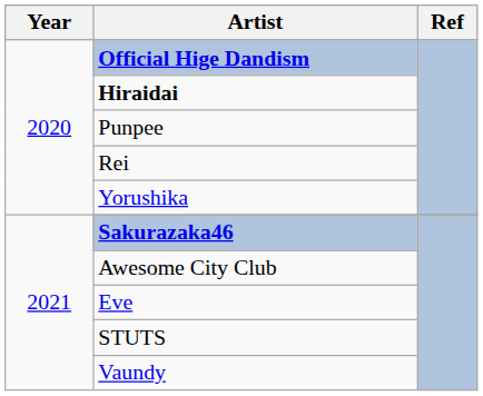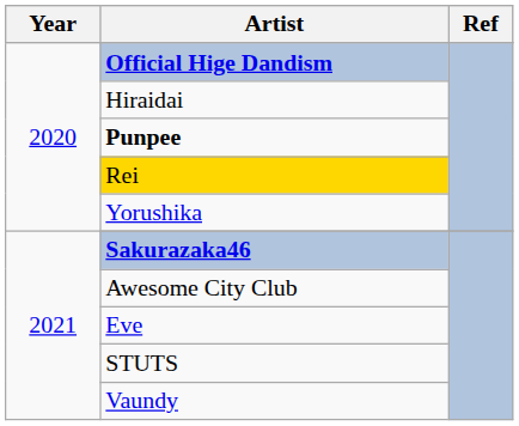 <table class="wikitable" style="width:55%;">
 <tr style="background:#bebebe;">
 <th style="width:10%;">Year</th>
 <th style="width:40%;">Artist</th>
 <th style="width:5%;">Ref</th>
 </tr>
 <tr>
 <td rowspan="6" align="center"><a href='#'>2020</a></td>
 </tr>
 <tr style="background:#B0C4DE">
 <td><strong><a href='#'>Official Hige Dandism</a></strong></td>
 <td rowspan="5" align="center"></td>
 </tr>
 <tr>
-<td><strong>Hiraidai</strong></td>
+<td>Hiraidai</td>
 </tr>
 <tr>
-<td>Punpee</td>
+<td><strong>Punpee</strong></td>
 </tr>
 <tr>
-<td>Rei</td>
+<td style="background: gold;">Rei</td>
 </tr>
 <tr>
 <td><a href='#'>Yorushika</a></td>
 </tr>
 <tr>
 <td rowspan="6" align="center"><a href='#'>2021</a></td>
 </tr>
 <tr style="background:#B0C4DE">
 <td><strong><a href='#'>Sakurazaka46</a></strong></td>
 <td rowspan="5" align="center"></td>
 </tr>
 <tr>
 <td>Awesome City Club</td>
 </tr>
 <tr>
 <td><a href='#'>Eve</a></td>
 </tr>
 <tr>
 <td>STUTS</td>
 </tr>
 <tr>
 <td><a href='#'>Vaundy</a></td>
 </tr>
 </table>
